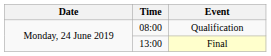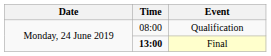 <table class = "wikitable" style="text-align:center;">
 <tr>
 <th width=200>Date</th>
 <th width=50>Time</th>
 <th width=150>Event</th>
 </tr>
 <tr>
 <td rowspan=2>Monday, 24 June 2019</td>
 <td>08:00</td>
 <td>Qualification</td>
 </tr>
 <tr>
-<td>13:00</td>
+<td><strong>13:00</strong></td>
 <td bgcolor=ffffcc>Final</td>
 </tr>
 </table>
